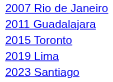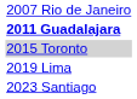 <table>
 <tr valign="top">
 <td><a href='#'>2007 Rio de Janeiro</a><br></td>
 <td></td>
 <td></td>
 <td></td>
 </tr>
 <tr valign="top">
-<td><a href='#'>2011 Guadalajara</a><br></td>
+<td><strong><a href='#'>2011 Guadalajara</a><br></strong></td>
 <td></td>
 <td></td>
 <td></td>
 </tr>
 <tr valign="top">
-<td><a href='#'>2015 Toronto</a><br></td>
+<td style="background: lightgrey;"><a href='#'>2015 Toronto</a><br></td>
 <td></td>
 <td></td>
 <td></td>
 </tr>
 <tr valign="top">
 <td><a href='#'>2019 Lima</a><br></td>
 <td></td>
 <td></td>
 <td></td>
 </tr>
 <tr valign="top">
 <td><a href='#'>2023 Santiago</a><br></td>
 <td></td>
 <td></td>
 <td></td>
 </tr>
 </table>
